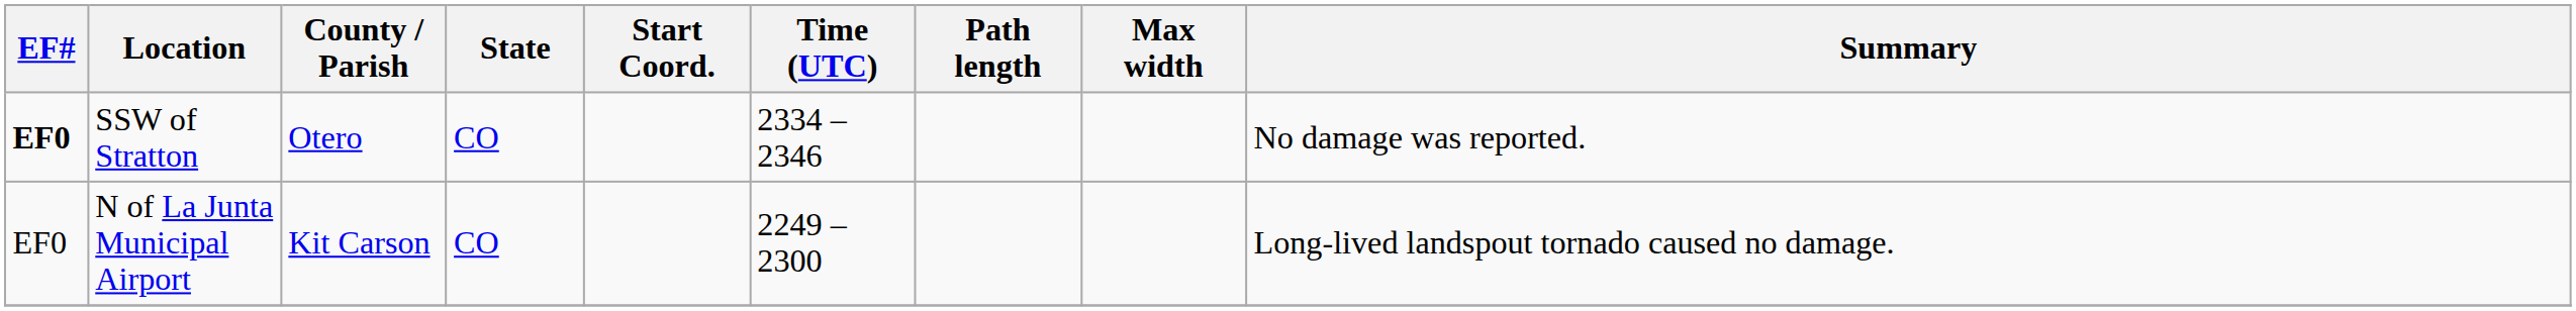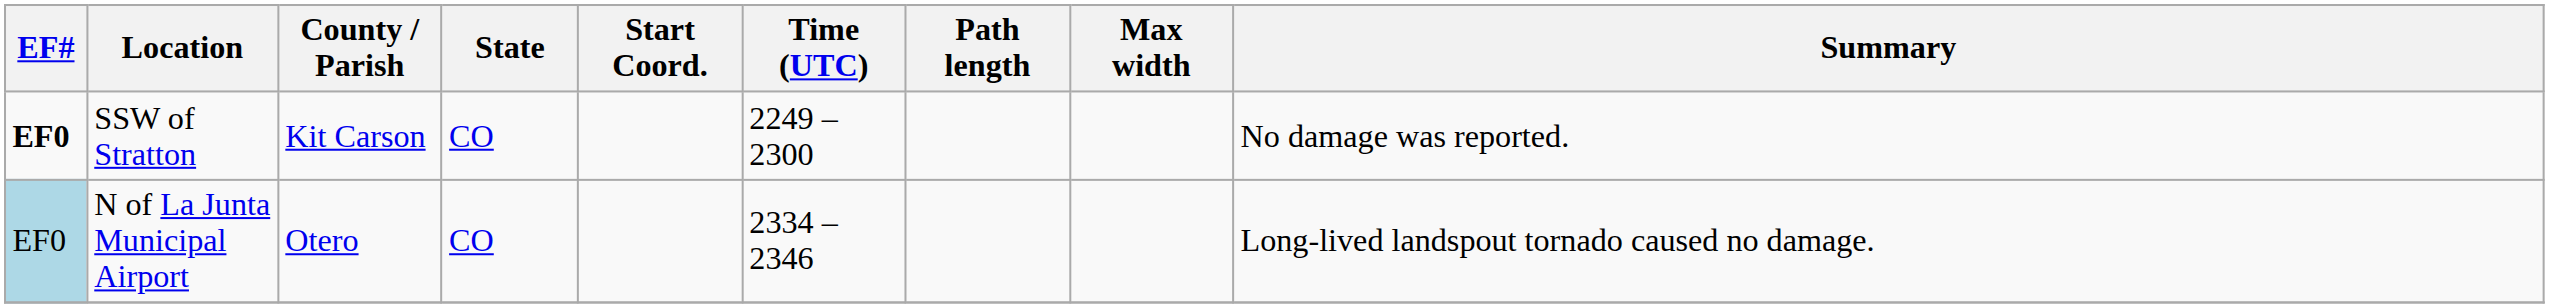 <table class="wikitable sortable" style="width:100%;">
 <tr>
 <th scope="col" width="3%" align="center"><a href='#'>EF#</a></th>
 <th scope="col" width="7%" align="center" class="unsortable">Location</th>
 <th scope="col" width="6%" align="center" class="unsortable">County / Parish</th>
 <th scope="col" width="5%" align="center">State</th>
 <th scope="col" width="6%" align="center">Start Coord.</th>
 <th scope="col" width="6%" align="center">Time (<a href='#'>UTC</a>)</th>
 <th scope="col" width="6%" align="center">Path length</th>
 <th scope="col" width="6%" align="center">Max width</th>
 <th scope="col" width="48%" class="unsortable" align="center">Summary</th>
 </tr>
 <tr>
 <td><strong>EF0</strong></td>
 <td>SSW of <a href='#'>Stratton</a></td>
-<td><a href='#'>Otero</a></td>
+<td><a href='#'>Kit Carson</a></td>
 <td><a href='#'>CO</a></td>
 <td></td>
-<td>2334 – 2346</td>
+<td>2249 – 2300</td>
 <td></td>
 <td></td>
 <td>No damage was reported.</td>
 </tr>
 <tr>
-<td>EF0</td>
+<td style="background: lightblue;">EF0</td>
 <td>N of <a href='#'>La Junta Municipal Airport</a></td>
-<td><a href='#'>Kit Carson</a></td>
+<td><a href='#'>Otero</a></td>
 <td><a href='#'>CO</a></td>
 <td></td>
-<td>2249 – 2300</td>
+<td>2334 – 2346</td>
 <td></td>
 <td></td>
 <td>Long-lived landspout tornado caused no damage.</td>
 </tr>
 <tr>
 </tr>
 </table>
